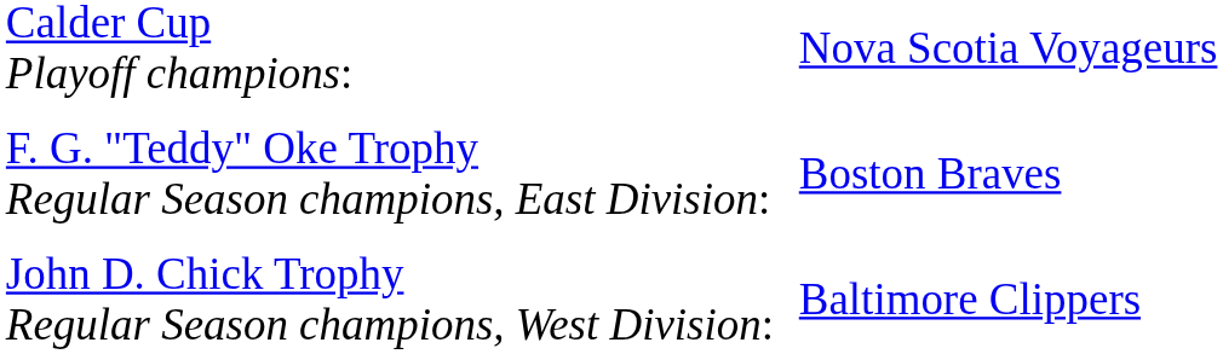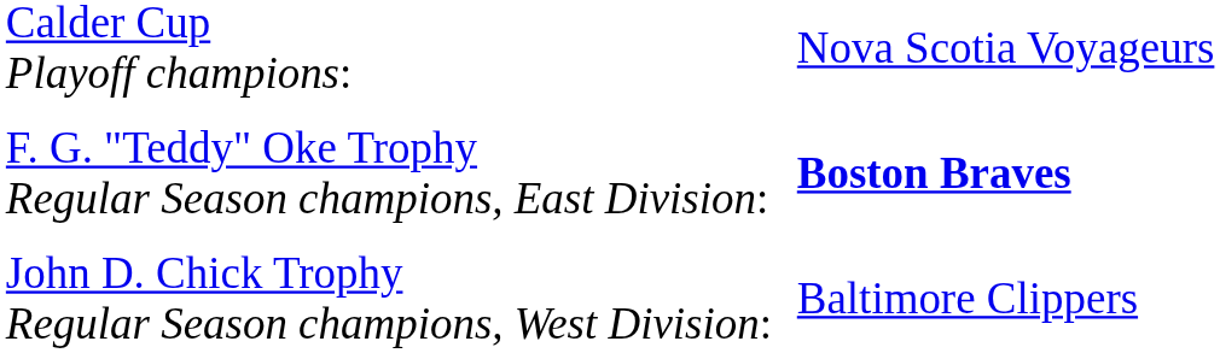 <table cellpadding="3" cellspacing="3">
 <tr>
 <td><a href='#'>Calder Cup</a><br><em>Playoff champions</em>:</td>
 <td><a href='#'>Nova Scotia Voyageurs</a></td>
 </tr>
 <tr>
 <td><a href='#'>F. G. "Teddy" Oke Trophy</a><br><em>Regular Season champions, East Division</em>:</td>
-<td><a href='#'>Boston Braves</a></td>
+<td><strong><a href='#'>Boston Braves</a></strong></td>
 </tr>
 <tr>
 <td><a href='#'>John D. Chick Trophy</a><br><em>Regular Season champions, West Division</em>:</td>
 <td><a href='#'>Baltimore Clippers</a></td>
 </tr>
 </table>
